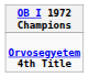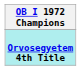 <table class="wikitable" style="text-align: center; margin: 0 auto;">
 <tr>
 <th><a href='#'>OB I</a> 1972<br>Champions</th>
 </tr>
 <tr>
 </tr>
 <tr>
-<td> <br><strong><a href='#'>Orvosegyetem</a></strong><br><strong>4th Title</strong></td>
+<td style="background: paleturquoise;"> <br><strong><a href='#'>Orvosegyetem</a></strong><br><strong>4th Title</strong></td>
 </tr>
 </table>
